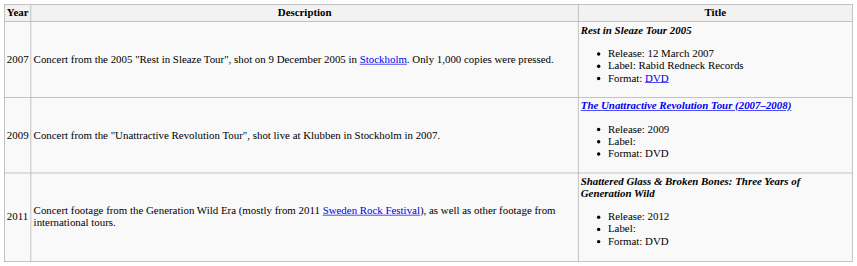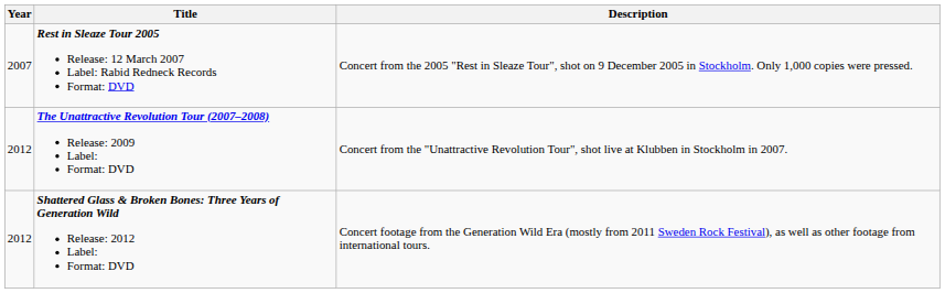 <table class="wikitable">
 <tr>
 <th><strong>Year</strong></th>
+<th><strong>Title</strong></th>
 <th><strong>Description</strong></th>
-<th><strong>Title</strong></th>
 </tr>
 <tr>
 <td>2007</td>
+<td><strong><em>Rest in Sleaze Tour 2005</em></strong><br><ul><li>Release: 12 March 2007</li><li>Label: Rabid Redneck Records</li><li>Format: <a href='#'>DVD</a></li></ul></td>
 <td>Concert from the 2005 "Rest in Sleaze Tour", shot on 9 December 2005 in <a href='#'>Stockholm</a>. Only 1,000 copies were pressed.</td>
-<td><strong><em>Rest in Sleaze Tour 2005</em></strong><br><ul><li>Release: 12 March 2007</li><li>Label: Rabid Redneck Records</li><li>Format: <a href='#'>DVD</a></li></ul></td>
 </tr>
 <tr>
-<td>2009</td>
+<td>2012</td>
+<td><strong><em><a href='#'>The Unattractive Revolution Tour (2007–2008)</a></em></strong><br><ul><li>Release: 2009</li><li>Label:</li><li>Format: DVD</li></ul></td>
 <td>Concert from the "Unattractive Revolution Tour", shot live at Klubben in Stockholm in 2007.</td>
-<td><strong><em><a href='#'>The Unattractive Revolution Tour (2007–2008)</a></em></strong><br><ul><li>Release: 2009</li><li>Label:</li><li>Format: DVD</li></ul></td>
 </tr>
 <tr>
-<td>2011</td>
+<td>2012</td>
+<td><strong><em>Shattered Glass & Broken Bones: Three Years of Generation Wild</em></strong><br><ul><li>Release: 2012</li><li>Label:</li><li>Format: DVD</li></ul></td>
 <td>Concert footage from the Generation Wild Era (mostly from 2011 <a href='#'>Sweden Rock Festival</a>), as well as other footage from international tours.</td>
-<td><strong><em>Shattered Glass & Broken Bones: Three Years of Generation Wild</em></strong><br><ul><li>Release: 2012</li><li>Label:</li><li>Format: DVD</li></ul></td>
 </tr>
 </table>
